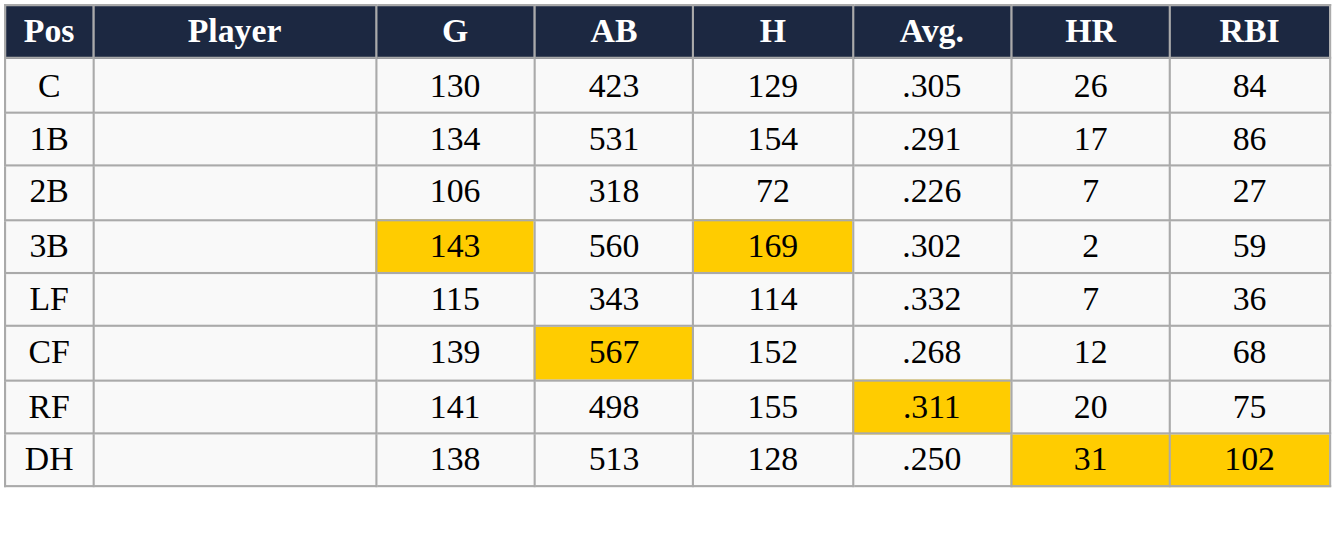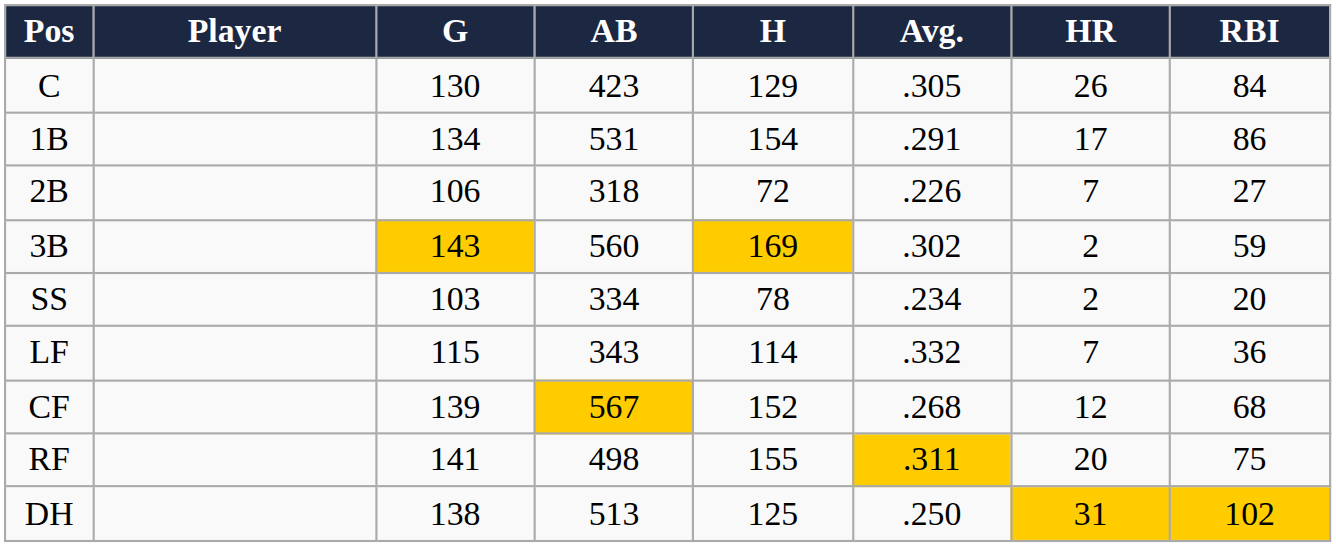 <table class="wikitable sortable">
 <tr>
 <th style="background:#1c2841;color:white;" width="5%">Pos</th>
 <th style="background:#1c2841;color:white;" width="16%">Player</th>
 <th style="background:#1c2841;color:white;" width="9%">G</th>
 <th style="background:#1c2841;color:white;" width="9%">AB</th>
 <th style="background:#1c2841;color:white;" width="9%">H</th>
 <th style="background:#1c2841;color:white;" width="9%">Avg.</th>
 <th style="background:#1c2841;color:white;" width="9%">HR</th>
 <th style="background:#1c2841;color:white;" width="9%">RBI</th>
 </tr>
 <tr align="center">
 <td>C</td>
 <td></td>
 <td>130</td>
 <td>423</td>
 <td>129</td>
 <td>.305</td>
 <td>26</td>
 <td>84</td>
 </tr>
 <tr align="center">
 <td>1B</td>
 <td></td>
 <td>134</td>
 <td>531</td>
 <td>154</td>
 <td>.291</td>
 <td>17</td>
 <td>86</td>
 </tr>
 <tr align="center">
 <td>2B</td>
 <td></td>
 <td>106</td>
 <td>318</td>
 <td>72</td>
 <td>.226</td>
 <td>7</td>
 <td>27</td>
 </tr>
 <tr align="center">
 <td>3B</td>
 <td></td>
 <td style="background:#fc0;">143</td>
 <td>560</td>
 <td style="background:#fc0;">169</td>
 <td>.302</td>
 <td>2</td>
 <td>59</td>
 </tr>
 <tr align="center">
+<td>SS</td>
+<td></td>
+<td>103</td>
+<td>334</td>
+<td>78</td>
+<td>.234</td>
+<td>2</td>
+<td>20</td>
+</tr>
+<tr align="center">
 <td>LF</td>
 <td></td>
 <td>115</td>
 <td>343</td>
 <td>114</td>
 <td>.332</td>
 <td>7</td>
 <td>36</td>
 </tr>
 <tr align="center">
 <td>CF</td>
 <td></td>
 <td>139</td>
 <td style="background:#fc0;">567</td>
 <td>152</td>
 <td>.268</td>
 <td>12</td>
 <td>68</td>
 </tr>
 <tr align="center">
 <td>RF</td>
 <td></td>
 <td>141</td>
 <td>498</td>
 <td>155</td>
 <td style="background:#fc0;">.311</td>
 <td>20</td>
 <td>75</td>
 </tr>
 <tr align="center">
 <td>DH</td>
 <td></td>
 <td>138</td>
 <td>513</td>
-<td>128</td>
+<td>125</td>
 <td>.250</td>
 <td style="background:#fc0;">31</td>
 <td style="background:#fc0;">102</td>
 </tr>
 </table>
